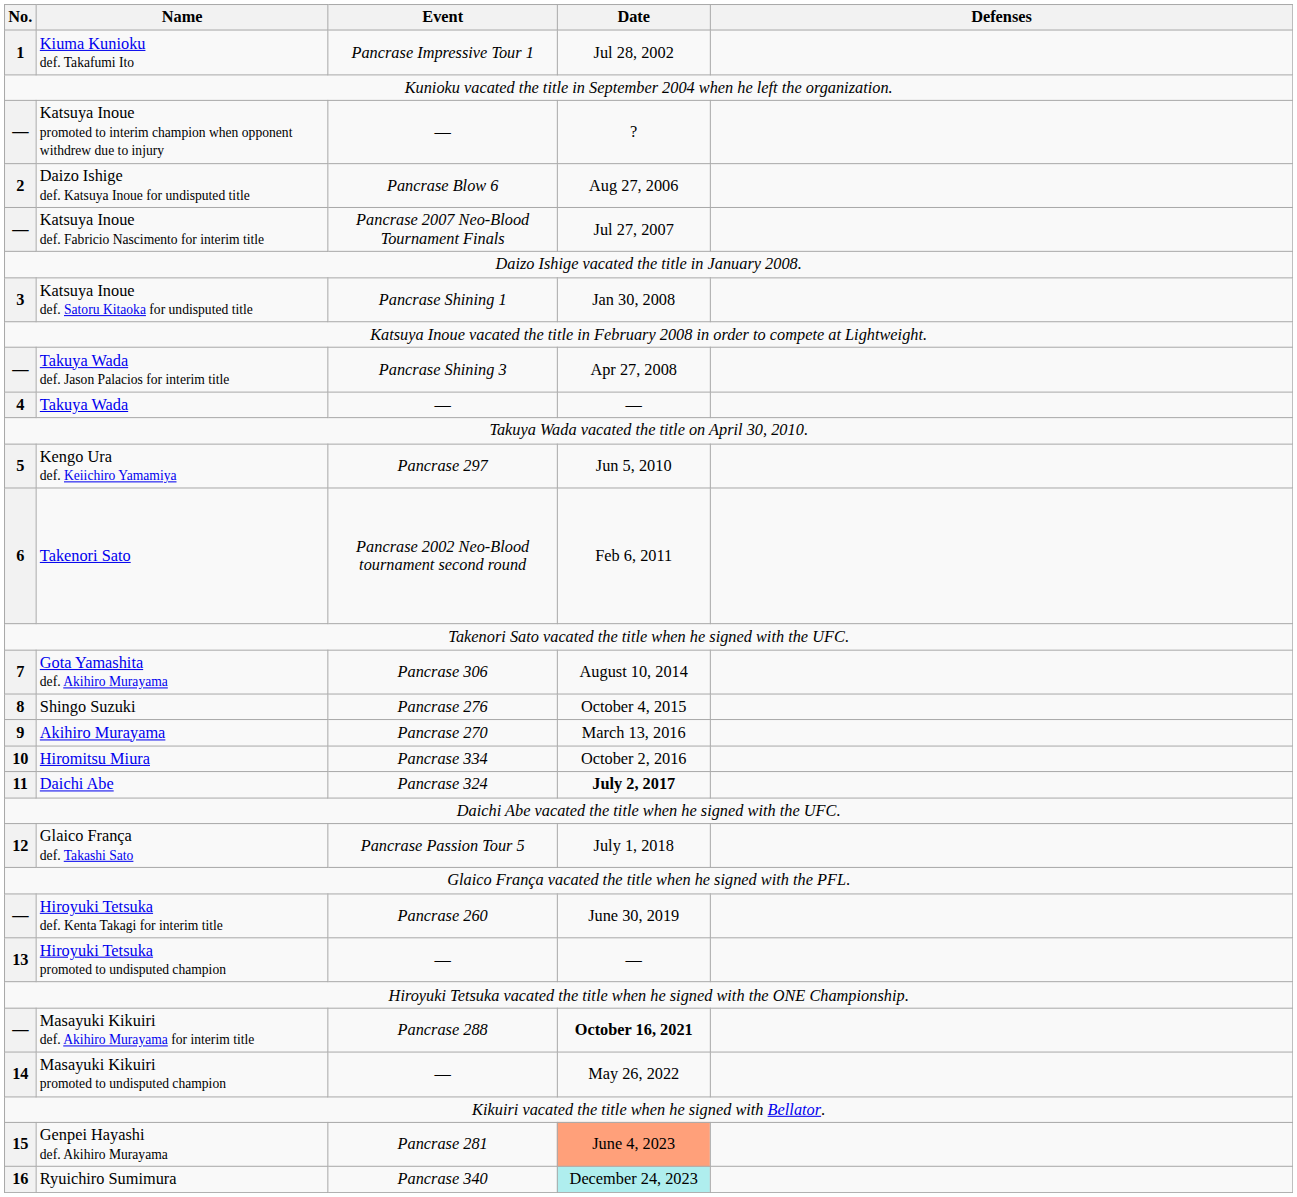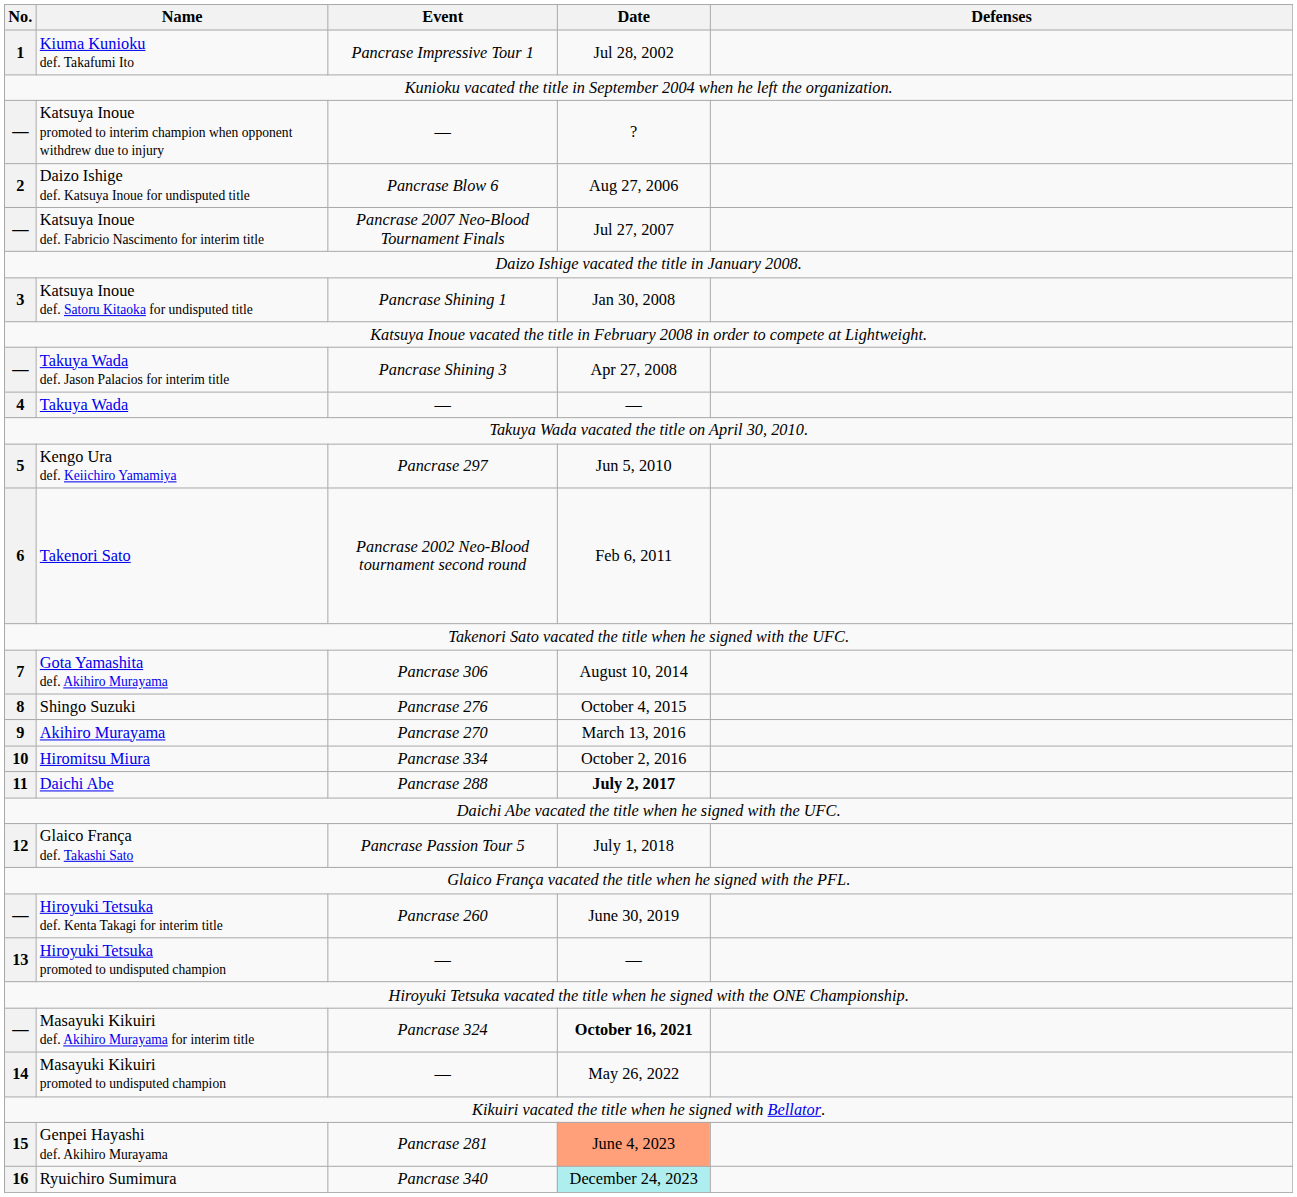 <table class="wikitable" width=100%>
 <tr>
 <th width=1%>No.</th>
 <th width=23%>Name</th>
 <th width=18%>Event</th>
 <th width=12%>Date</th>
 <th width=46%>Defenses</th>
 </tr>
 <tr>
 <th>1</th>
 <td align=left> <a href='#'>Kiuma Kunioku</a><br><small>def. Takafumi Ito</small></td>
 <td align=center><em>Pancrase Impressive Tour 1</em><br></td>
 <td align=center>Jul 28, 2002</td>
 <td><br><br> </td>
 </tr>
 <tr>
 <td colspan=5 align=center><em>Kunioku vacated the title in September 2004 when he left the organization.</em></td>
 </tr>
 <tr>
 <th>—</th>
 <td align=left> Katsuya Inoue<br><small>promoted to interim champion when opponent withdrew due to injury</small></td>
 <td align=center>—</td>
 <td align=center>?</td>
 <td><br><br> </td>
 </tr>
 <tr>
 <th>2</th>
 <td align=left> Daizo Ishige<br><small>def. Katsuya Inoue for undisputed title</small></td>
 <td align=center><em>Pancrase Blow 6</em><br></td>
 <td align=center>Aug 27, 2006</td>
 <td></td>
 </tr>
 <tr>
 <th>—</th>
 <td align=left> Katsuya Inoue<br><small>def. Fabricio Nascimento for interim title</small></td>
 <td align=center><em>Pancrase 2007 Neo-Blood Tournament Finals</em><br></td>
 <td align=center>Jul 27, 2007</td>
 <td></td>
 </tr>
 <tr>
 <td colspan=5 align=center><em>Daizo Ishige vacated the title in January 2008.</em></td>
 </tr>
 <tr>
 <th>3</th>
 <td align=left> Katsuya Inoue<br><small>def. <a href='#'>Satoru Kitaoka</a> for undisputed title</small></td>
 <td align=center><em>Pancrase Shining 1</em><br></td>
 <td align=center>Jan 30, 2008</td>
 <td></td>
 </tr>
 <tr>
 <td colspan=5 align=center><em>Katsuya Inoue vacated the title in February 2008 in order to compete at Lightweight.</em></td>
 </tr>
 <tr>
 <th>—</th>
 <td align=left> <a href='#'>Takuya Wada</a><br><small>def. Jason Palacios for interim title</small></td>
 <td align=center><em>Pancrase Shining 3</em><br></td>
 <td align=center>Apr 27, 2008</td>
 <td></td>
 </tr>
 <tr>
 <th>4</th>
 <td align=left> <a href='#'>Takuya Wada</a><br></td>
 <td align=center>—</td>
 <td align=center>—</td>
 <td><br></td>
 </tr>
 <tr>
 <td colspan=5 align=center><em>Takuya Wada vacated the title on April 30, 2010</em>.</td>
 </tr>
 <tr>
 <th>5</th>
 <td align=left> Kengo Ura<br><small>def. <a href='#'>Keiichiro Yamamiya</a></small></td>
 <td align=center><em>Pancrase 297</em><br></td>
 <td align=center>Jun 5, 2010</td>
 <td></td>
 </tr>
 <tr>
 <th>6</th>
 <td align=left> <a href='#'>Takenori Sato</a></td>
 <td align=center><em>Pancrase 2002 Neo-Blood tournament second round</em><br></td>
 <td align=center>Feb 6, 2011</td>
 <td><br><br> <br> <br> <br> <br> <br></td>
 </tr>
 <tr>
 <td colspan=5 align=center><em>Takenori Sato vacated the title when he signed with the UFC</em>.</td>
 </tr>
 <tr>
 <th>7</th>
 <td align=left> <a href='#'>Gota Yamashita</a><br><small>def. <a href='#'>Akihiro Murayama</a></small></td>
 <td align=center><em>Pancrase 306</em><br></td>
 <td align=center>August 10, 2014</td>
 <td><br><br></td>
 </tr>
 <tr>
 <th>8</th>
 <td align=left> Shingo Suzuki</td>
 <td align=center><em>Pancrase 276</em><br></td>
 <td align=center>October 4, 2015</td>
 <td></td>
 </tr>
 <tr>
 <th>9</th>
 <td align=left> <a href='#'>Akihiro Murayama</a></td>
 <td align=center><em>Pancrase 270</em><br></td>
 <td align=center>March 13, 2016</td>
 <td></td>
 </tr>
 <tr>
 <th>10</th>
 <td align=left> <a href='#'>Hiromitsu Miura</a></td>
 <td align=center><em>Pancrase 334</em><br></td>
 <td align=center>October 2, 2016</td>
 <td></td>
 </tr>
 <tr>
 <th>11</th>
 <td align=left> <a href='#'>Daichi Abe</a></td>
-<td align=center><em>Pancrase 324</em><br></td>
+<td align=center><em>Pancrase 288</em><br></td>
 <td align=center><strong>July 2, 2017</strong></td>
 <td></td>
 </tr>
 <tr>
 <td colspan=5 align=center><em>Daichi Abe vacated the title when he signed with the UFC</em>.</td>
 </tr>
 <tr>
 <th>12</th>
 <td align=left> Glaico França<br><small>def. <a href='#'>Takashi Sato</a></small></td>
 <td align=center><em>Pancrase Passion Tour 5</em><br></td>
 <td align=center>July 1, 2018</td>
 <td></td>
 </tr>
 <tr>
 <td colspan=5 align=center><em>Glaico França vacated the title when he signed with the PFL</em>.</td>
 </tr>
 <tr>
 <th>—</th>
 <td align=left> <a href='#'>Hiroyuki Tetsuka</a><br><small>def. Kenta Takagi for interim title</small></td>
 <td align=center><em>Pancrase 260</em><br></td>
 <td align=center>June 30, 2019</td>
 <td></td>
 </tr>
 <tr>
 <th>13</th>
 <td align=left> <a href='#'>Hiroyuki Tetsuka</a><br><small>promoted to undisputed champion</small></td>
 <td align=center>—</td>
 <td align=center>—</td>
 <td></td>
 </tr>
 <tr>
 <td colspan=5 align=center><em>Hiroyuki Tetsuka vacated the title when he signed with the ONE Championship</em>.</td>
 </tr>
 <tr>
 <th>—</th>
 <td align=left> Masayuki Kikuiri<br><small>def. <a href='#'>Akihiro Murayama</a> for interim title</small></td>
-<td align=center><em>Pancrase 288</em><br></td>
+<td align=center><em>Pancrase 324</em><br></td>
 <td align=center><strong>October 16, 2021</strong></td>
 <td></td>
 </tr>
 <tr>
 <th>14</th>
 <td align=left> Masayuki Kikuiri<br><small>promoted to undisputed champion</small></td>
 <td align=center>—</td>
 <td align=center>May 26, 2022</td>
 <td></td>
 </tr>
 <tr>
 <td colspan=5 align=center><em>Kikuiri vacated the title when he signed with <a href='#'>Bellator</a></em>.</td>
 </tr>
 <tr>
 <th>15</th>
 <td align=left> Genpei Hayashi<br><small>def. Akihiro Murayama</small></td>
 <td align=center><em>Pancrase 281</em><br></td>
 <td align=center style="background: lightsalmon;">June 4, 2023</td>
 <td></td>
 </tr>
 <tr>
 <th>16</th>
 <td align=left> Ryuichiro Sumimura</td>
 <td align=center><em>Pancrase 340</em><br></td>
 <td align=center style="background: paleturquoise;">December 24, 2023</td>
 <td></td>
 </tr>
 <tr>
 </tr>
 </table>
